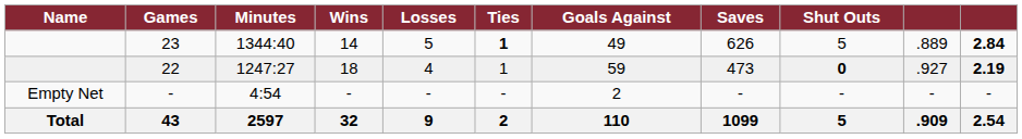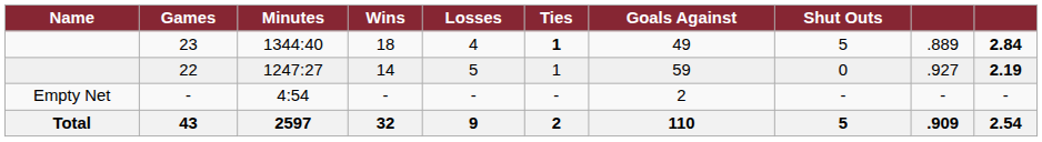 <table class="wikitable sortable" width ="1000">
 <tr align="center">
 <th style="color:white; background:#862633; ">Name</th>
 <th style="color:white; background:#862633; ">Games</th>
 <th style="color:white; background:#862633; ">Minutes</th>
 <th style="color:white; background:#862633; ">Wins</th>
 <th style="color:white; background:#862633; ">Losses</th>
 <th style="color:white; background:#862633; ">Ties</th>
 <th style="color:white; background:#862633; ">Goals Against</th>
-<th style="color:white; background:#862633; ">Saves</th>
 <th style="color:white; background:#862633; ">Shut Outs</th>
 <th style="color:white; background:#862633; "><a href='#'></a></th>
 <th style="color:white; background:#862633; "><a href='#'></a></th>
 </tr>
 <tr align="center" bgcolor="">
 <td></td>
 <td>23</td>
 <td>1344:40</td>
-<td>14</td>
-<td>5</td>
+<td>18</td>
+<td>4</td>
 <td><strong>1</strong></td>
 <td>49</td>
-<td>626</td>
 <td>5</td>
 <td>.889</td>
 <td><strong>2.84</strong></td>
 </tr>
 <tr align="center" bgcolor="f0f0f0">
 <td></td>
 <td>22</td>
 <td>1247:27</td>
-<td>18</td>
-<td>4</td>
+<td>14</td>
+<td>5</td>
 <td>1</td>
 <td>59</td>
-<td>473</td>
-<td><strong>0</strong></td>
+<td>0</td>
 <td>.927</td>
 <td><strong>2.19</strong></td>
 </tr>
 <tr align="center" bgcolor="">
 <td>Empty Net</td>
 <td>-</td>
 <td>4:54</td>
 <td>-</td>
 <td>-</td>
 <td>-</td>
 <td>2</td>
 <td>-</td>
 <td>-</td>
 <td>-</td>
-<td>-</td>
 </tr>
 <tr>
 <th>Total</th>
 <th>43</th>
 <th>2597</th>
 <th>32</th>
 <th>9</th>
 <th>2</th>
 <th>110</th>
-<th>1099</th>
 <th>5</th>
 <th>.909</th>
 <th>2.54</th>
 </tr>
 </table>
